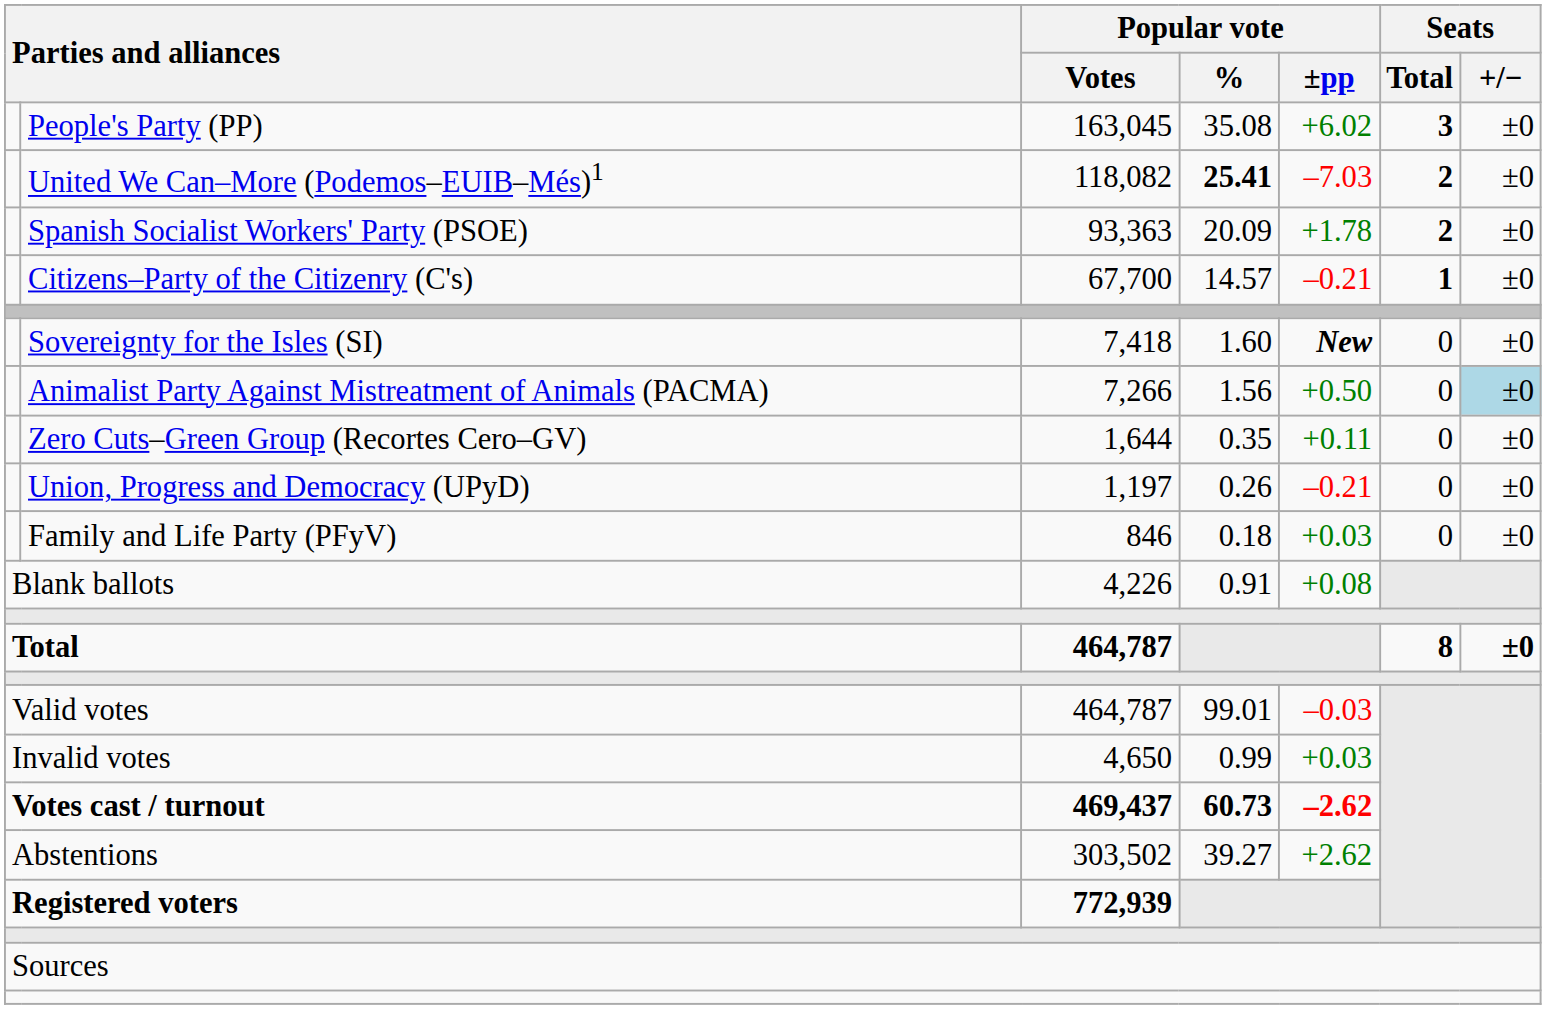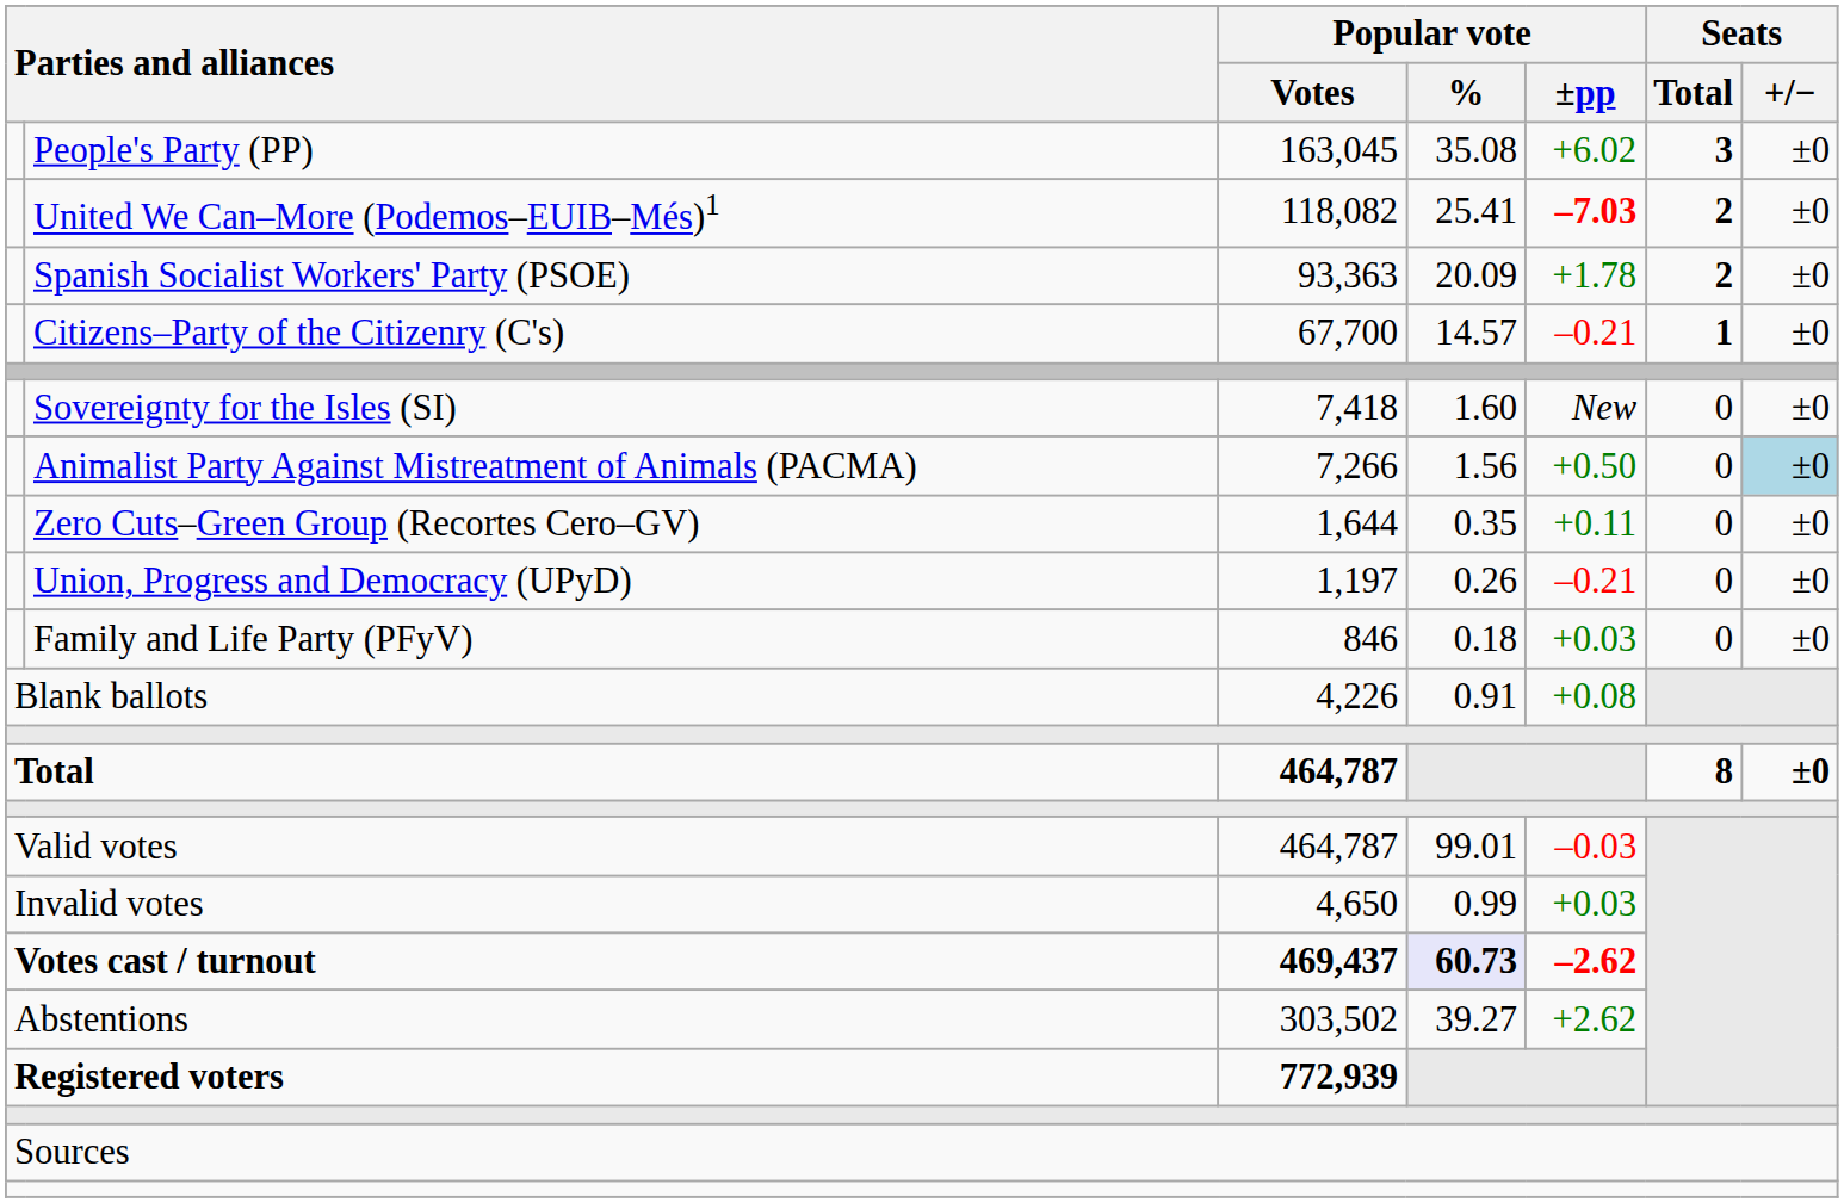 <table class="wikitable" style="text-align:right;">
 <tr>
 <th style="text-align:left;" rowspan="2" colspan="2" width="525">Parties and alliances</th>
 <th colspan="3">Popular vote</th>
 <th colspan="2">Seats</th>
 </tr>
 <tr>
 <th width="75">Votes</th>
 <th width="45">%</th>
 <th width="45">±<a href='#'>pp</a></th>
 <th width="35">Total</th>
 <th width="35">+/−</th>
 </tr>
 <tr>
 <td width="1" style="color:inherit;background:"></td>
 <td align="left"><a href='#'>People's Party</a> (PP)</td>
 <td>163,045</td>
 <td>35.08</td>
 <td style="color:green;">+6.02</td>
 <td><strong>3</strong></td>
 <td>±0</td>
 </tr>
 <tr>
 <td style="color:inherit;background:"></td>
 <td align="left"><a href='#'>United We Can–More</a> (<a href='#'>Podemos</a>–<a href='#'>EUIB</a>–<a href='#'>Més</a>)<sup>1</sup></td>
 <td>118,082</td>
-<td><strong>25.41</strong></td>
-<td style="color:red;">–7.03</td>
+<td>25.41</td>
+<td style="color:red;"><strong>–7.03</strong></td>
 <td><strong>2</strong></td>
 <td>±0</td>
 </tr>
 <tr>
 <td style="color:inherit;background:"></td>
 <td align="left"><a href='#'>Spanish Socialist Workers' Party</a> (PSOE)</td>
 <td>93,363</td>
 <td>20.09</td>
 <td style="color:green;">+1.78</td>
 <td><strong>2</strong></td>
 <td>±0</td>
 </tr>
 <tr>
 <td style="color:inherit;background:"></td>
 <td align="left"><a href='#'>Citizens–Party of the Citizenry</a> (C's)</td>
 <td>67,700</td>
 <td>14.57</td>
 <td style="color:red;">–0.21</td>
 <td><strong>1</strong></td>
 <td>±0</td>
 </tr>
 <tr>
 <td colspan="7" bgcolor="#C0C0C0"></td>
 </tr>
 <tr>
 <td style="color:inherit;background:"></td>
 <td align="left"><a href='#'>Sovereignty for the Isles</a> (SI)</td>
 <td>7,418</td>
 <td>1.60</td>
-<td><strong><em>New</em></strong></td>
+<td><em>New</em></td>
 <td>0</td>
 <td>±0</td>
 </tr>
 <tr>
 <td style="color:inherit;background:"></td>
 <td align="left"><a href='#'>Animalist Party Against Mistreatment of Animals</a> (PACMA)</td>
 <td>7,266</td>
 <td>1.56</td>
 <td style="color:green;">+0.50</td>
 <td>0</td>
 <td style="background: lightblue;">±0</td>
 </tr>
 <tr>
 <td style="color:inherit;background:"></td>
 <td align="left"><a href='#'>Zero Cuts</a>–<a href='#'>Green Group</a> (Recortes Cero–GV)</td>
 <td>1,644</td>
 <td>0.35</td>
 <td style="color:green;">+0.11</td>
 <td>0</td>
 <td>±0</td>
 </tr>
 <tr>
 <td style="color:inherit;background:"></td>
 <td align="left"><a href='#'>Union, Progress and Democracy</a> (UPyD)</td>
 <td>1,197</td>
 <td>0.26</td>
 <td style="color:red;">–0.21</td>
 <td>0</td>
 <td>±0</td>
 </tr>
 <tr>
 <td style="color:inherit;background:"></td>
 <td align="left">Family and Life Party (PFyV)</td>
 <td>846</td>
 <td>0.18</td>
 <td style="color:green;">+0.03</td>
 <td>0</td>
 <td>±0</td>
 </tr>
 <tr>
 <td align="left" colspan="2">Blank ballots</td>
 <td>4,226</td>
 <td>0.91</td>
 <td style="color:green;">+0.08</td>
 <td bgcolor="#E9E9E9" colspan="2"></td>
 </tr>
 <tr>
 <td colspan="7" bgcolor="#E9E9E9"></td>
 </tr>
 <tr style="font-weight:bold;">
 <td align="left" colspan="2">Total</td>
 <td>464,787</td>
 <td bgcolor="#E9E9E9" colspan="2"></td>
 <td>8</td>
 <td>±0</td>
 </tr>
 <tr>
 <td colspan="7" bgcolor="#E9E9E9"></td>
 </tr>
 <tr>
 <td align="left" colspan="2">Valid votes</td>
 <td>464,787</td>
 <td>99.01</td>
 <td style="color:red;">–0.03</td>
 <td bgcolor="#E9E9E9" colspan="2" rowspan="5"></td>
 </tr>
 <tr>
 <td align="left" colspan="2">Invalid votes</td>
 <td>4,650</td>
 <td>0.99</td>
 <td style="color:green;">+0.03</td>
 </tr>
 <tr style="font-weight:bold;">
 <td align="left" colspan="2">Votes cast / turnout</td>
 <td>469,437</td>
-<td>60.73</td>
+<td style="background: lavender;">60.73</td>
 <td style="color:red;">–2.62</td>
 </tr>
 <tr>
 <td align="left" colspan="2">Abstentions</td>
 <td>303,502</td>
 <td>39.27</td>
 <td style="color:green;">+2.62</td>
 </tr>
 <tr style="font-weight:bold;">
 <td align="left" colspan="2">Registered voters</td>
 <td>772,939</td>
 <td bgcolor="#E9E9E9" colspan="2"></td>
 </tr>
 <tr>
 <td colspan="7" bgcolor="#E9E9E9"></td>
 </tr>
 <tr>
 <td align="left" colspan="7">Sources</td>
 </tr>
 <tr>
 <td colspan="7" style="text-align:left; max-width:790px;"></td>
 </tr>
 </table>
